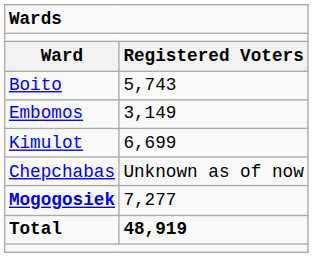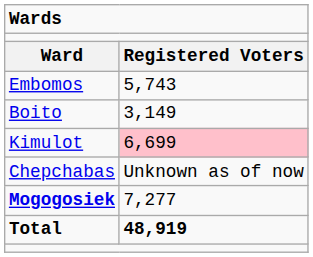 <table class="wikitable">
 <tr>
 <td colspan="2"><strong>Wards</strong></td>
 </tr>
 <tr>
 <td colspan="2"></td>
 </tr>
 <tr>
 <th>Ward</th>
 <th>Registered Voters</th>
 </tr>
 <tr>
-<td><a href='#'>Boito</a></td>
+<td><a href='#'>Embomos</a></td>
 <td>5,743</td>
 </tr>
 <tr>
-<td><a href='#'>Embomos</a></td>
+<td><a href='#'>Boito</a></td>
 <td>3,149</td>
 </tr>
 <tr>
 <td><a href='#'>Kimulot</a></td>
-<td>6,699</td>
+<td style="background: pink;">6,699</td>
 </tr>
 <tr>
 <td><a href='#'>Chepchabas</a></td>
 <td>Unknown as of now</td>
 </tr>
 <tr>
 <td><strong><a href='#'>Mogogosiek</a></strong></td>
 <td>7,277</td>
 </tr>
 <tr>
 <td><strong>Total</strong></td>
 <td><strong>48,919</strong></td>
 </tr>
 <tr>
 <td colspan="2"></td>
 </tr>
 </table>
